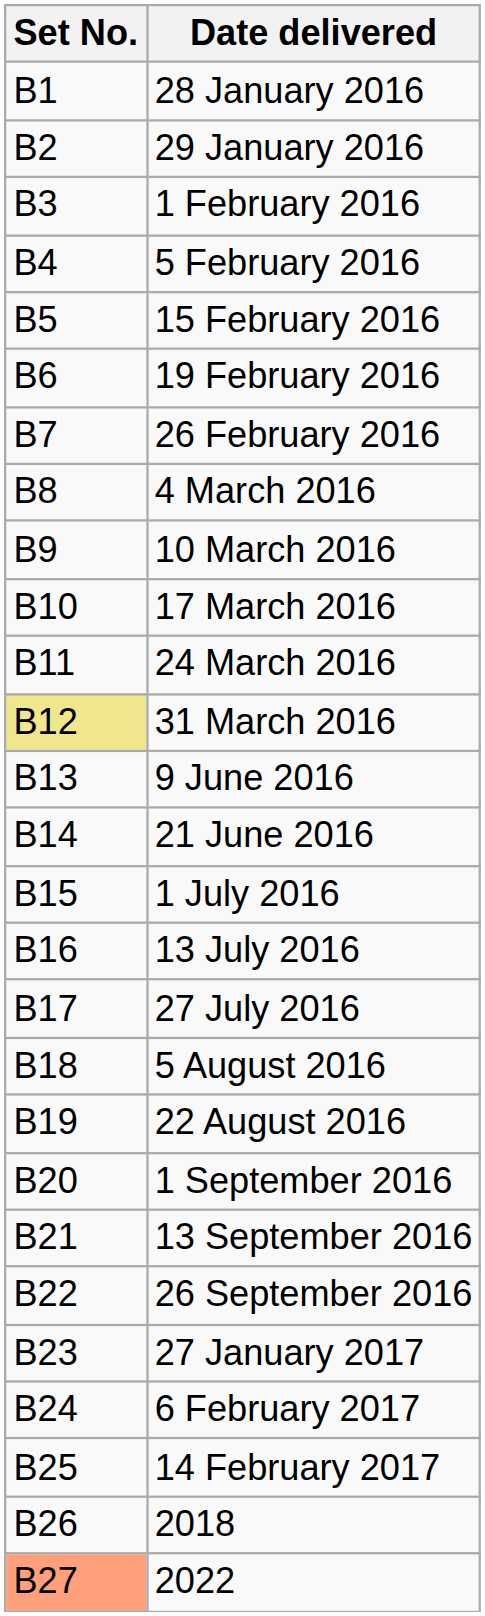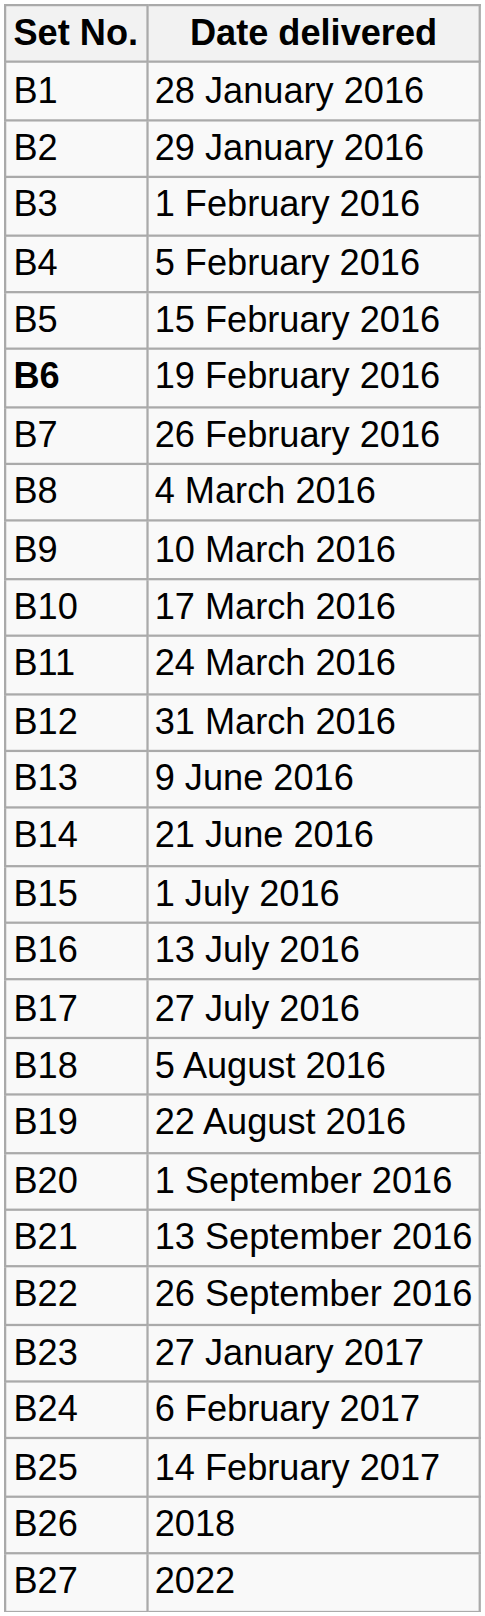 <table class="wikitable">
 <tr>
 <th>Set No.</th>
 <th>Date delivered</th>
 </tr>
 <tr>
 <td>B1</td>
 <td>28 January 2016</td>
 </tr>
 <tr>
 <td>B2</td>
 <td>29 January 2016</td>
 </tr>
 <tr>
 <td>B3</td>
 <td>1 February 2016</td>
 </tr>
 <tr>
 <td>B4</td>
 <td>5 February 2016</td>
 </tr>
 <tr>
 <td>B5</td>
 <td>15 February 2016</td>
 </tr>
 <tr>
-<td>B6</td>
+<td><strong>B6</strong></td>
 <td>19 February 2016</td>
 </tr>
 <tr>
 <td>B7</td>
 <td>26 February 2016</td>
 </tr>
 <tr>
 <td>B8</td>
 <td>4 March 2016</td>
 </tr>
 <tr>
 <td>B9</td>
 <td>10 March 2016</td>
 </tr>
 <tr>
 <td>B10</td>
 <td>17 March 2016</td>
 </tr>
 <tr>
 <td>B11</td>
 <td>24 March 2016</td>
 </tr>
 <tr>
-<td style="background: khaki;">B12</td>
+<td>B12</td>
 <td>31 March 2016</td>
 </tr>
 <tr>
 <td>B13</td>
 <td>9 June 2016</td>
 </tr>
 <tr>
 <td>B14</td>
 <td>21 June 2016</td>
 </tr>
 <tr>
 <td>B15</td>
 <td>1 July 2016</td>
 </tr>
 <tr>
 <td>B16</td>
 <td>13 July 2016</td>
 </tr>
 <tr>
 <td>B17</td>
 <td>27 July 2016</td>
 </tr>
 <tr>
 <td>B18</td>
 <td>5 August 2016</td>
 </tr>
 <tr>
 <td>B19</td>
 <td>22 August 2016</td>
 </tr>
 <tr>
 <td>B20</td>
 <td>1 September 2016</td>
 </tr>
 <tr>
 <td>B21</td>
 <td>13 September 2016</td>
 </tr>
 <tr>
 <td>B22</td>
 <td>26 September 2016</td>
 </tr>
 <tr>
 <td>B23</td>
 <td>27 January 2017</td>
 </tr>
 <tr>
 <td>B24</td>
 <td>6 February 2017</td>
 </tr>
 <tr>
 <td>B25</td>
 <td>14 February 2017</td>
 </tr>
 <tr>
 <td>B26</td>
 <td>2018</td>
 </tr>
 <tr>
-<td style="background: lightsalmon;">B27</td>
+<td>B27</td>
 <td>2022</td>
 </tr>
 </table>
